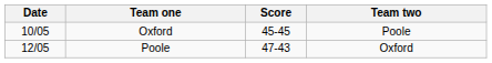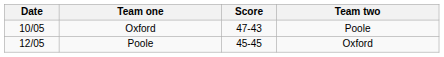 <table class="wikitable" style="text-align: center">
 <tr>
 <th width=80>Date</th>
 <th width=250>Team one</th>
 <th width=80>Score</th>
 <th width=250>Team two</th>
 </tr>
 <tr>
 <td>10/05</td>
 <td>Oxford</td>
-<td>45-45</td>
+<td>47-43</td>
 <td>Poole</td>
 </tr>
 <tr>
 <td>12/05</td>
 <td>Poole</td>
-<td>47-43</td>
+<td>45-45</td>
 <td>Oxford</td>
 </tr>
 </table>
